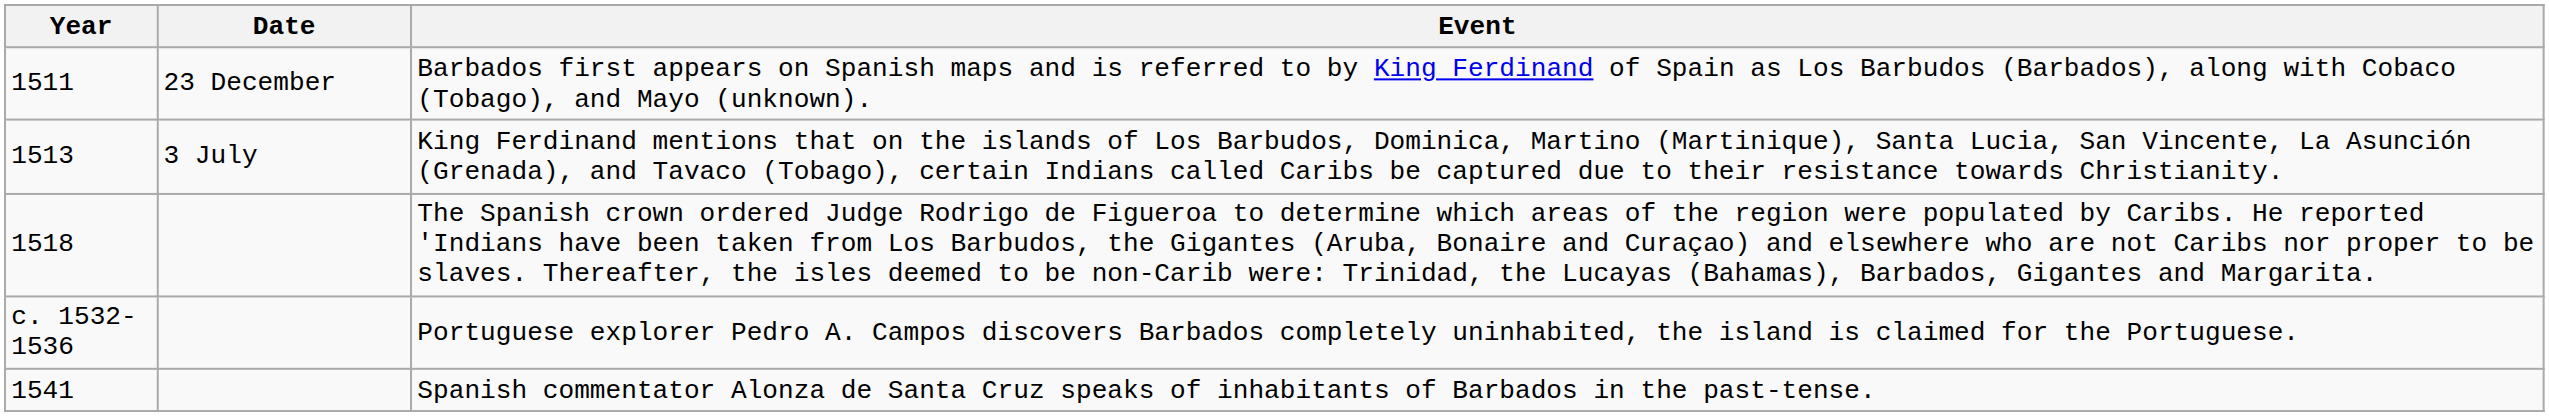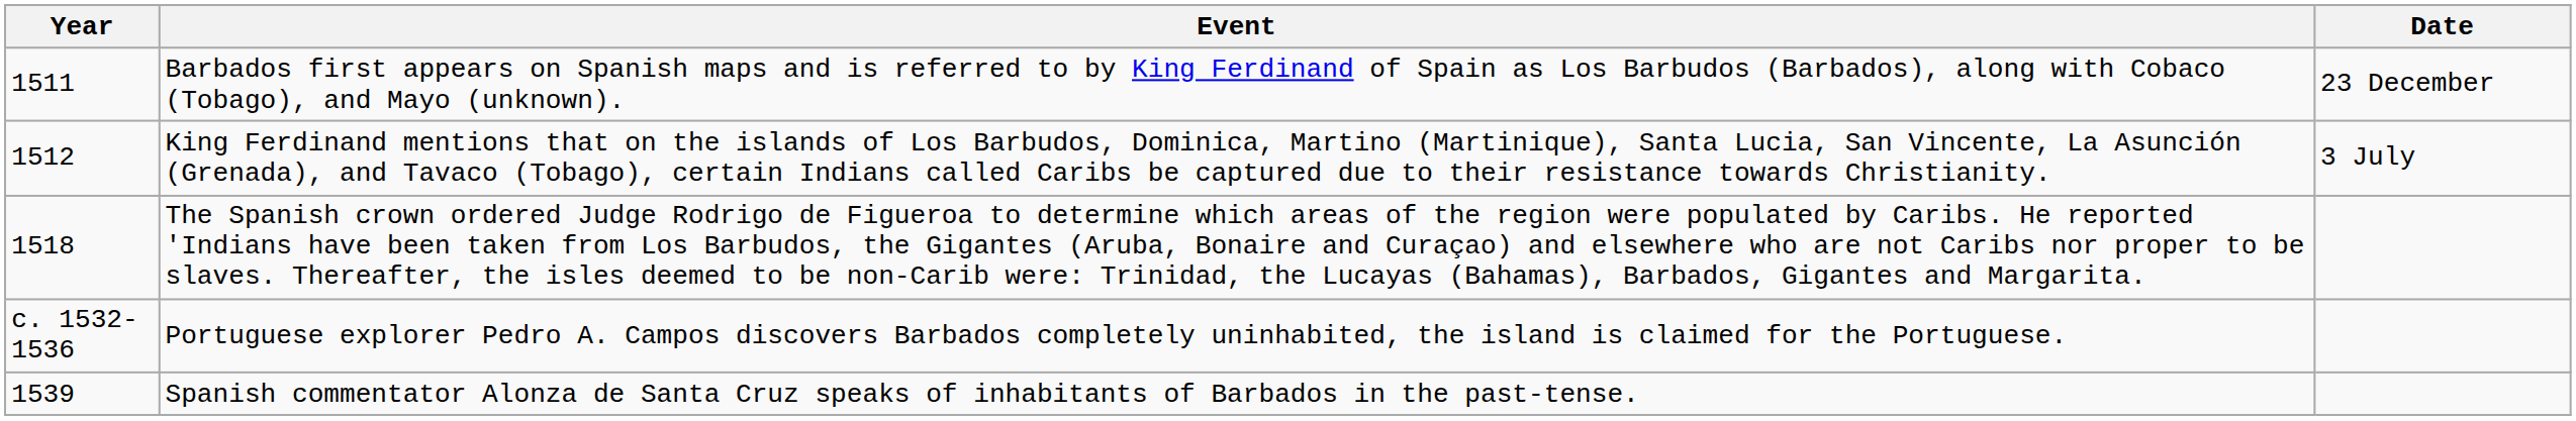 <table class="wikitable" width="100%">
 <tr>
 <th style="width:6%">Year</th>
+<th>Event</th>
 <th style="width:10%">Date</th>
-<th>Event</th>
 </tr>
 <tr>
 <td>1511</td>
+<td>Barbados first appears on Spanish maps and is referred to by <a href='#'>King Ferdinand</a> of Spain as Los Barbudos (Barbados), along with Cobaco (Tobago), and Mayo (unknown).</td>
 <td>23 December</td>
-<td>Barbados first appears on Spanish maps and is referred to by <a href='#'>King Ferdinand</a> of Spain as Los Barbudos (Barbados), along with Cobaco (Tobago), and Mayo (unknown).</td>
 </tr>
 <tr>
-<td>1513</td>
+<td>1512</td>
+<td>King Ferdinand mentions that on the islands of Los Barbudos, Dominica, Martino (Martinique), Santa Lucia, San Vincente, La Asunción (Grenada), and Tavaco (Tobago), certain Indians called Caribs be captured due to their resistance towards Christianity.</td>
 <td>3 July</td>
-<td>King Ferdinand mentions that on the islands of Los Barbudos, Dominica, Martino (Martinique), Santa Lucia, San Vincente, La Asunción (Grenada), and Tavaco (Tobago), certain Indians called Caribs be captured due to their resistance towards Christianity.</td>
 </tr>
 <tr>
 <td>1518</td>
+<td>The Spanish crown ordered Judge Rodrigo de Figueroa to determine which areas of the region were populated by Caribs.  He reported 'Indians have been taken from Los Barbudos, the Gigantes (Aruba, Bonaire and Curaçao) and elsewhere who are not Caribs nor proper to be slaves. Thereafter, the isles deemed to be non-Carib were: Trinidad, the Lucayas (Bahamas), Barbados, Gigantes and Margarita.</td>
 <td></td>
-<td>The Spanish crown ordered Judge Rodrigo de Figueroa to determine which areas of the region were populated by Caribs.  He reported 'Indians have been taken from Los Barbudos, the Gigantes (Aruba, Bonaire and Curaçao) and elsewhere who are not Caribs nor proper to be slaves. Thereafter, the isles deemed to be non-Carib were: Trinidad, the Lucayas (Bahamas), Barbados, Gigantes and Margarita.</td>
 </tr>
 <tr>
 <td>c. 1532-1536</td>
+<td>Portuguese explorer Pedro A. Campos discovers Barbados completely uninhabited, the island is claimed for the Portuguese.</td>
 <td></td>
-<td>Portuguese explorer Pedro A. Campos discovers Barbados completely uninhabited, the island is claimed for the Portuguese.</td>
 </tr>
 <tr>
-<td>1541</td>
+<td>1539</td>
+<td>Spanish commentator Alonza de Santa Cruz speaks of inhabitants of Barbados in the past-tense.</td>
 <td></td>
-<td>Spanish commentator Alonza de Santa Cruz speaks of inhabitants of Barbados in the past-tense.</td>
 </tr>
 </table>
